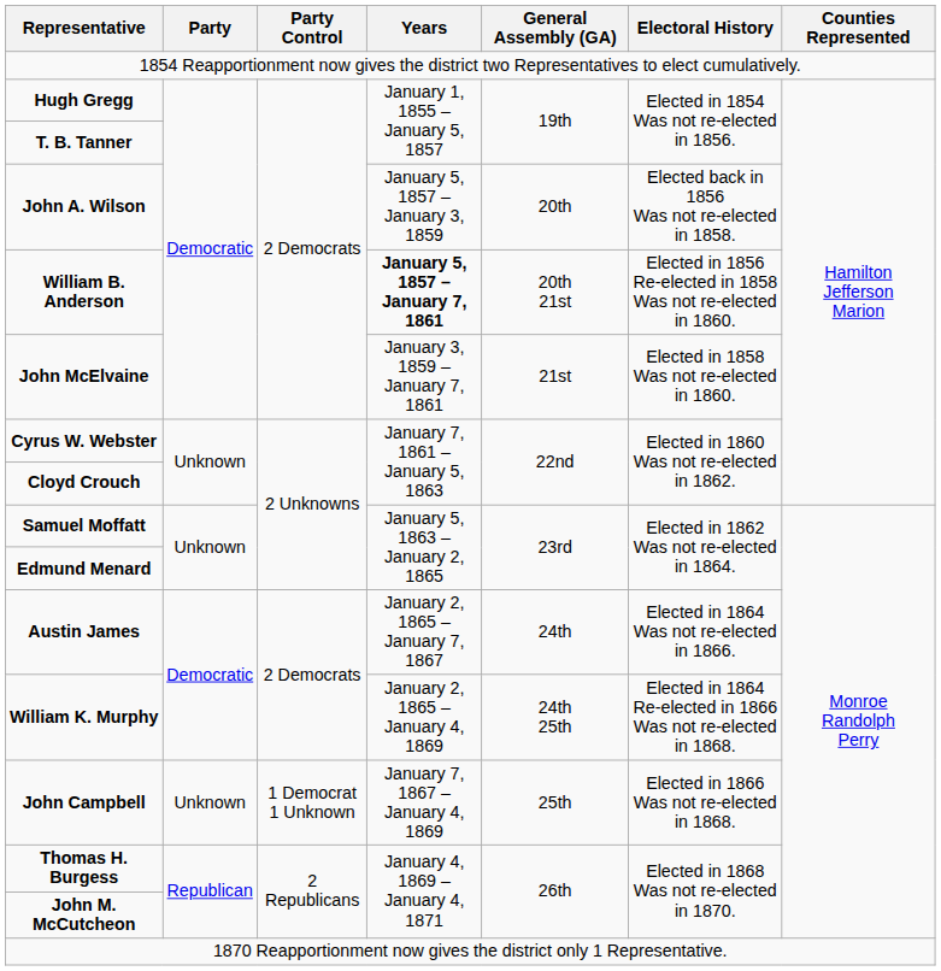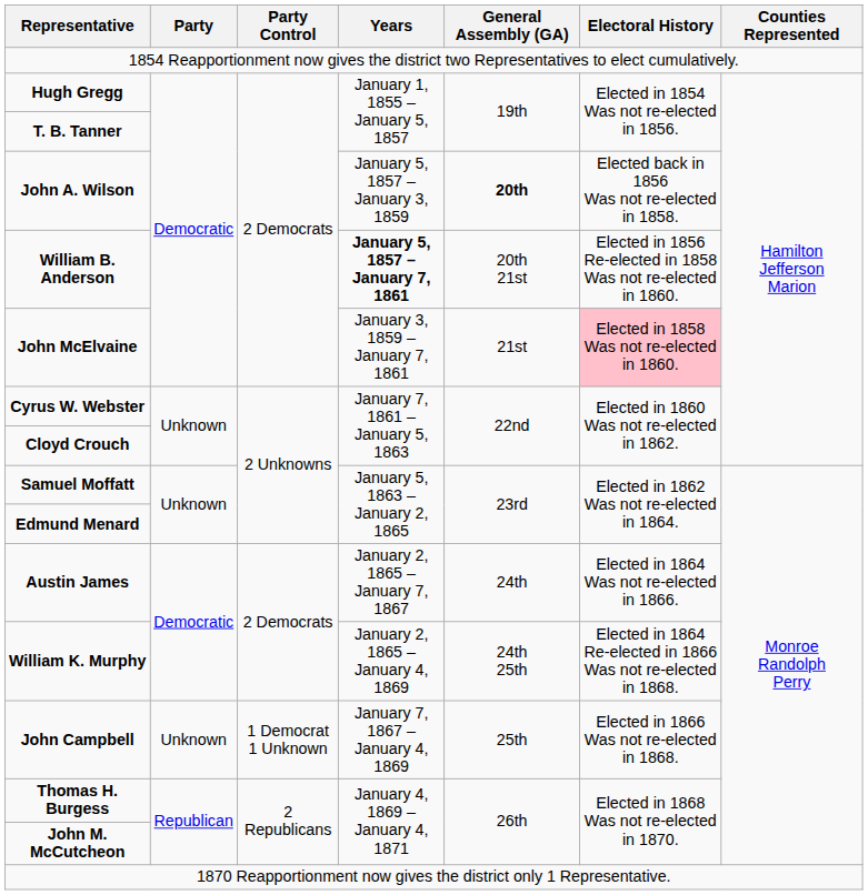 <table class="wikitable" style="text-align:center">
 <tr>
 <th>Representative</th>
 <th>Party</th>
 <th>Party Control</th>
 <th>Years</th>
 <th>General Assembly (GA)</th>
 <th>Electoral History</th>
 <th>Counties Represented</th>
 </tr>
 <tr>
 <td colspan=7>1854 Reapportionment now gives the district two Representatives to elect cumulatively.</td>
 </tr>
 <tr>
 <td><strong>Hugh Gregg</strong></td>
 <td rowspan=5 ><a href='#'>Democratic</a></td>
 <td rowspan=5 >2 Democrats</td>
 <td rowspan=2>January 1, 1855 –<br>January 5, 1857</td>
 <td rowspan=2>19th</td>
 <td rowspan=2>Elected in 1854<br>Was not re-elected in 1856.</td>
 <td rowspan=7><a href='#'>Hamilton</a><br><a href='#'>Jefferson</a><br><a href='#'>Marion</a></td>
 </tr>
 <tr>
 <td><strong>T. B. Tanner</strong></td>
 </tr>
 <tr>
 <td><strong>John A. Wilson</strong></td>
 <td>January 5, 1857 –<br>January 3, 1859</td>
-<td>20th</td>
+<td><strong>20th</strong></td>
 <td>Elected back in 1856<br>Was not re-elected in 1858.</td>
 </tr>
 <tr>
 <td><strong>William B. Anderson</strong></td>
 <td><strong>January 5, 1857 –<br>January 7, 1861</strong></td>
 <td>20th<br>21st</td>
 <td>Elected in 1856<br>Re-elected in 1858<br>Was not re-elected in 1860.</td>
 </tr>
 <tr>
 <td><strong>John McElvaine</strong></td>
 <td>January 3, 1859 –<br>January 7, 1861</td>
 <td>21st</td>
-<td>Elected in 1858<br>Was not re-elected in 1860.</td>
+<td style="background: pink;">Elected in 1858<br>Was not re-elected in 1860.</td>
 </tr>
 <tr>
 <td><strong>Cyrus W. Webster</strong></td>
 <td rowspan=2>Unknown</td>
 <td rowspan=4>2 Unknowns</td>
 <td rowspan=2>January 7, 1861 –<br>January 5, 1863</td>
 <td rowspan=2>22nd</td>
 <td rowspan=2>Elected in 1860<br>Was not re-elected in 1862.</td>
 </tr>
 <tr>
 <td><strong>Cloyd Crouch</strong></td>
 </tr>
 <tr>
 <td><strong>Samuel Moffatt</strong></td>
 <td rowspan=2>Unknown</td>
 <td rowspan=2>January 5, 1863 –<br>January 2, 1865</td>
 <td rowspan=2>23rd</td>
 <td rowspan=2>Elected in 1862<br>Was not re-elected in 1864.</td>
 <td rowspan=7><a href='#'>Monroe</a><br><a href='#'>Randolph</a><br><a href='#'>Perry</a></td>
 </tr>
 <tr>
 <td><strong>Edmund Menard</strong></td>
 </tr>
 <tr>
 <td><strong>Austin James</strong></td>
 <td rowspan=2 ><a href='#'>Democratic</a></td>
 <td rowspan=2 >2 Democrats</td>
 <td>January 2, 1865 –<br>January 7, 1867</td>
 <td>24th</td>
 <td>Elected in 1864<br>Was not re-elected in 1866.</td>
 </tr>
 <tr>
 <td><strong>William K. Murphy</strong></td>
 <td>January 2, 1865 –<br>January 4, 1869</td>
 <td>24th<br>25th</td>
 <td>Elected in 1864<br>Re-elected in 1866<br>Was not re-elected in 1868.</td>
 </tr>
 <tr>
 <td><strong>John Campbell</strong></td>
 <td>Unknown</td>
 <td>1 Democrat<br>1 Unknown</td>
 <td>January 7, 1867 –<br>January 4, 1869</td>
 <td>25th</td>
 <td>Elected in 1866<br>Was not re-elected in 1868.</td>
 </tr>
 <tr>
 <td><strong>Thomas H. Burgess</strong></td>
 <td rowspan=2 ><a href='#'>Republican</a></td>
 <td rowspan=2 >2 Republicans</td>
 <td rowspan=2>January 4, 1869 –<br>January 4, 1871</td>
 <td rowspan=2>26th</td>
 <td rowspan=2>Elected in 1868<br>Was not re-elected in 1870.</td>
 </tr>
 <tr>
 <td><strong>John M. McCutcheon</strong></td>
 </tr>
 <tr>
 <td colspan=7>1870 Reapportionment now gives the district only 1 Representative.</td>
 </tr>
 </table>
